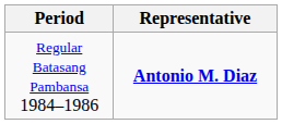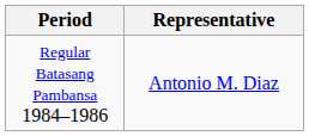 <table class="wikitable" style="text-align:center; width:40%;">
 <tr>
 <th width="40%">Period</th>
 <th>Representative</th>
 </tr>
 <tr>
 <td><small><a href='#'>Regular Batasang Pambansa</a></small><br>1984–1986</td>
-<td><strong><a href='#'>Antonio M. Diaz</a></strong></td>
+<td><a href='#'>Antonio M. Diaz</a></td>
 </tr>
 </table>
